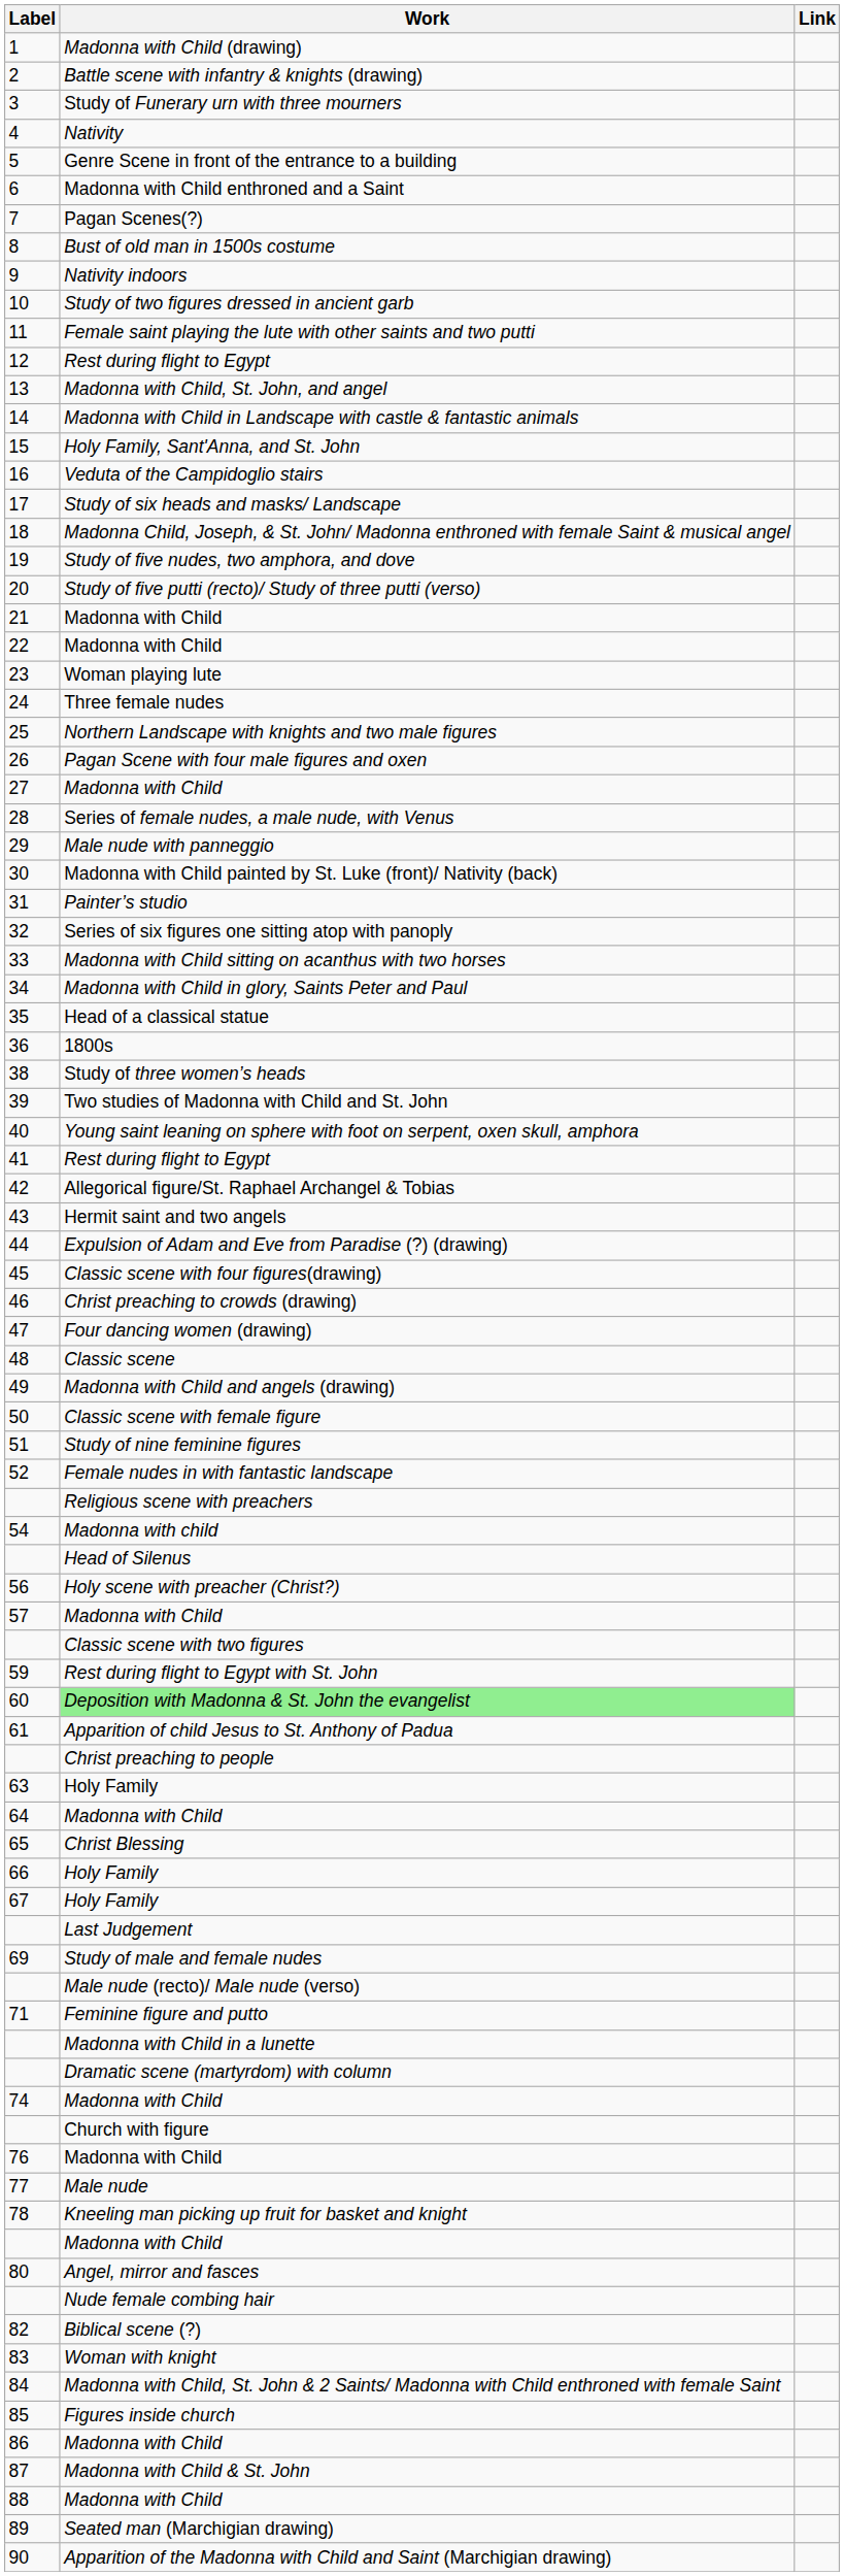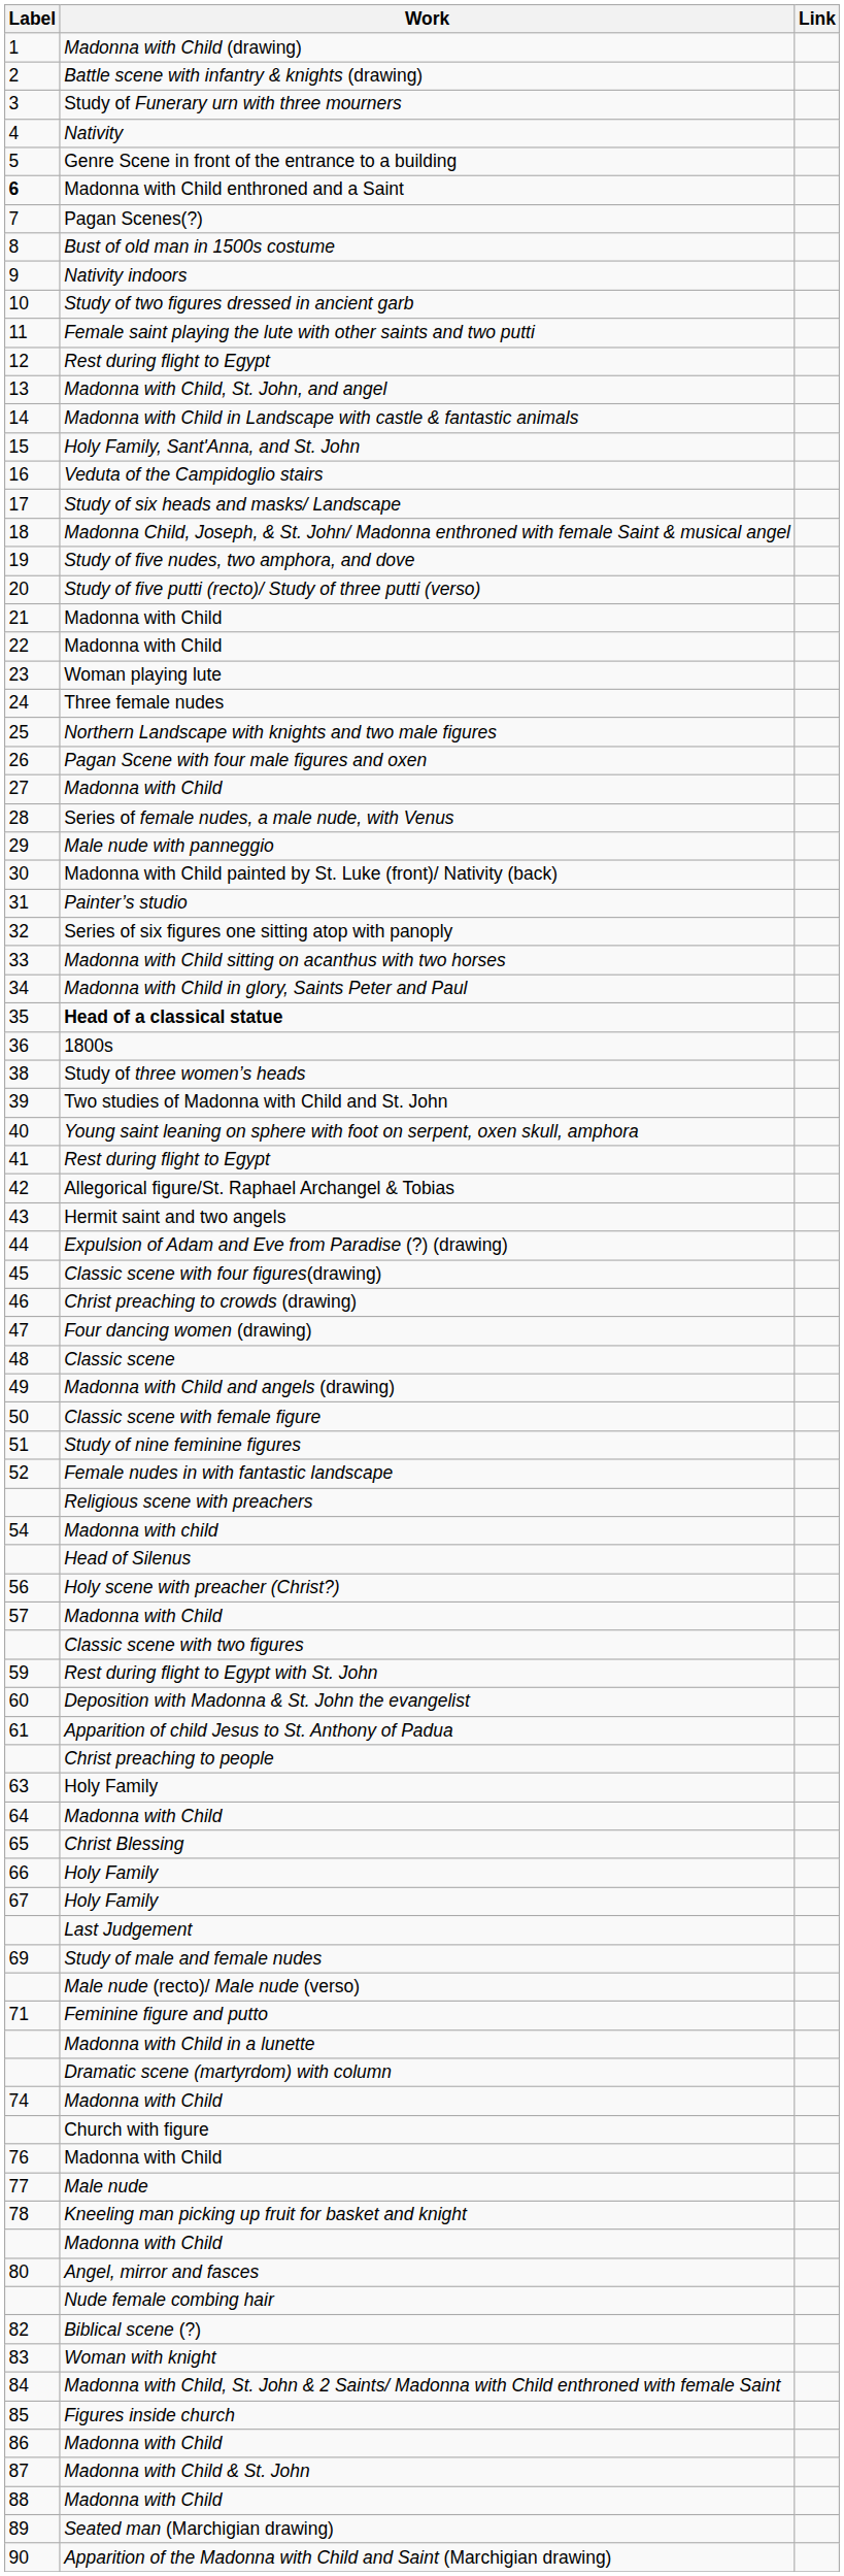 <table class="wikitable sortable">
 <tr>
 <th>Label</th>
 <th>Work</th>
 <th>Link</th>
 </tr>
 <tr>
 <td>1</td>
 <td><em>Madonna with Child</em> (drawing)</td>
 <td></td>
 </tr>
 <tr>
 <td>2</td>
 <td><em>Battle scene with infantry & knights</em> (drawing)</td>
 <td></td>
 </tr>
 <tr>
 <td>3</td>
 <td>Study of <em>Funerary urn with three mourners</em></td>
 <td></td>
 </tr>
 <tr>
 <td>4</td>
 <td><em>Nativity</em></td>
 <td></td>
 </tr>
 <tr>
 <td>5</td>
 <td>Genre Scene in front of the entrance to a building</td>
 <td></td>
 </tr>
 <tr>
-<td>6</td>
+<td><strong>6</strong></td>
 <td>Madonna with Child enthroned and a Saint</td>
 <td></td>
 </tr>
 <tr>
 <td>7</td>
 <td>Pagan Scenes(?)</td>
 <td></td>
 </tr>
 <tr>
 <td>8</td>
 <td><em>Bust of old man in 1500s costume</em></td>
 <td></td>
 </tr>
 <tr>
 <td>9</td>
 <td><em>Nativity indoors</em></td>
 <td></td>
 </tr>
 <tr>
 <td>10</td>
 <td><em>Study of two figures dressed in ancient garb</em></td>
 <td></td>
 </tr>
 <tr>
 <td>11</td>
 <td><em>Female saint playing the lute with other saints and two putti</em></td>
 <td></td>
 </tr>
 <tr>
 <td>12</td>
 <td><em>Rest during flight to Egypt</em></td>
 <td></td>
 </tr>
 <tr>
 <td>13</td>
 <td><em>Madonna with Child, St. John, and angel</em></td>
 <td></td>
 </tr>
 <tr>
 <td>14</td>
 <td><em>Madonna with Child in Landscape with castle & fantastic animals</em></td>
 <td></td>
 </tr>
 <tr>
 <td>15</td>
 <td><em>Holy Family, Sant'Anna, and St. John</em></td>
 <td></td>
 </tr>
 <tr>
 <td>16</td>
 <td><em>Veduta of the Campidoglio stairs</em></td>
 <td></td>
 </tr>
 <tr>
 <td>17</td>
 <td><em>Study of six heads and masks/ Landscape</em></td>
 <td></td>
 </tr>
 <tr>
 <td>18</td>
 <td><em>Madonna Child, Joseph, & St. John/ Madonna enthroned with female Saint & musical angel</em></td>
 <td></td>
 </tr>
 <tr>
 <td>19</td>
 <td><em>Study of five nudes, two amphora, and dove</em></td>
 <td></td>
 </tr>
 <tr>
 <td>20</td>
 <td><em>Study of five putti (recto)/ Study of three putti (verso) </em></td>
 <td></td>
 </tr>
 <tr>
 <td>21</td>
 <td>Madonna with Child</td>
 <td></td>
 </tr>
 <tr>
 <td>22</td>
 <td>Madonna with Child</td>
 <td></td>
 </tr>
 <tr>
 <td>23</td>
 <td>Woman playing lute</td>
 <td></td>
 </tr>
 <tr>
 <td>24</td>
 <td>Three female nudes</td>
 <td></td>
 </tr>
 <tr>
 <td>25</td>
 <td><em>Northern Landscape with knights and two male figures</em></td>
 <td></td>
 </tr>
 <tr>
 <td>26</td>
 <td><em>Pagan Scene with four male figures and oxen</em></td>
 <td></td>
 </tr>
 <tr>
 <td>27</td>
 <td><em>Madonna with Child</em></td>
 <td></td>
 </tr>
 <tr>
 <td>28</td>
 <td>Series of <em>female nudes, a male nude, with Venus</em></td>
 <td></td>
 </tr>
 <tr>
 <td>29</td>
 <td><em>Male nude with panneggio</em></td>
 <td></td>
 </tr>
 <tr>
 <td>30</td>
 <td>Madonna with Child painted by St. Luke (front)/ Nativity (back)</td>
 <td></td>
 </tr>
 <tr>
 <td>31</td>
 <td><em>Painter’s studio</em></td>
 <td></td>
 </tr>
 <tr>
 <td>32</td>
 <td>Series of six figures one sitting atop with panoply</td>
 <td></td>
 </tr>
 <tr>
 <td>33</td>
 <td><em>Madonna with Child sitting on acanthus with two horses</em></td>
 <td></td>
 </tr>
 <tr>
 <td>34</td>
 <td><em>Madonna with Child in glory, Saints Peter and Paul</em></td>
 <td></td>
 </tr>
 <tr>
 <td>35</td>
-<td>Head of a classical statue</td>
+<td><strong>Head of a classical statue</strong></td>
 <td></td>
 </tr>
 <tr>
 <td>36</td>
 <td Annunciation>1800s</td>
 <td></td>
 </tr>
 <tr>
 <td>38</td>
 <td>Study of <em>three women’s heads</em></td>
 <td></td>
 </tr>
 <tr>
 <td>39</td>
 <td>Two studies of Madonna with Child and St. John</td>
 <td></td>
 </tr>
 <tr>
 <td>40</td>
 <td><em>Young saint leaning on sphere with foot on serpent, oxen skull, amphora</em></td>
 <td></td>
 </tr>
 <tr>
 <td>41</td>
 <td><em>Rest during flight to Egypt</em></td>
 <td></td>
 </tr>
 <tr>
 <td>42</td>
 <td>Allegorical figure/St. Raphael Archangel & Tobias</td>
 <td></td>
 </tr>
 <tr>
 <td>43</td>
 <td>Hermit saint and two angels</td>
 <td></td>
 </tr>
 <tr>
 <td>44</td>
 <td><em>Expulsion of Adam and Eve from Paradise</em> (?) (drawing)</td>
 <td></td>
 </tr>
 <tr>
 <td>45</td>
 <td><em>Classic scene with four figures</em>(drawing)</td>
 <td></td>
 </tr>
 <tr>
 <td>46</td>
 <td><em>Christ preaching to crowds</em> (drawing)</td>
 <td></td>
 </tr>
 <tr>
 <td>47</td>
 <td><em>Four dancing women</em> (drawing)</td>
 <td></td>
 </tr>
 <tr>
 <td>48</td>
 <td><em>Classic scene</em></td>
 <td></td>
 </tr>
 <tr>
 <td>49</td>
 <td><em>Madonna with Child and angels</em> (drawing)</td>
 <td></td>
 </tr>
 <tr>
 <td>50</td>
 <td><em>Classic scene with female figure</em></td>
 <td></td>
 </tr>
 <tr>
 <td>51</td>
 <td><em>Study of nine feminine figures</em></td>
 <td></td>
 </tr>
 <tr>
 <td>52</td>
 <td><em>Female nudes in with fantastic landscape</em></td>
 <td></td>
 </tr>
 <tr>
 <td></td>
 <td><em>Religious scene with preachers</em></td>
 <td></td>
 </tr>
 <tr>
 <td>54</td>
 <td><em>Madonna with child</em></td>
 <td></td>
 </tr>
 <tr>
 <td></td>
 <td><em>Head of Silenus</em></td>
 <td></td>
 </tr>
 <tr>
 <td>56</td>
 <td><em>Holy scene with preacher (Christ?)</em></td>
 <td></td>
 </tr>
 <tr>
 <td>57</td>
 <td><em>Madonna with Child</em></td>
 <td></td>
 </tr>
 <tr>
 <td></td>
 <td><em>Classic scene with two figures</em></td>
 <td></td>
 </tr>
 <tr>
 <td>59</td>
 <td><em>Rest during flight to Egypt with St. John</em></td>
 <td></td>
 </tr>
 <tr>
 <td>60</td>
-<td style="background: lightgreen;"><em>Deposition with Madonna & St. John the evangelist</em></td>
+<td><em>Deposition with Madonna & St. John the evangelist</em></td>
 <td></td>
 </tr>
 <tr>
 <td>61</td>
 <td><em>Apparition of child Jesus to St. Anthony of Padua</em></td>
 <td></td>
 </tr>
 <tr>
 <td></td>
 <td><em>Christ preaching to people</em></td>
 <td></td>
 </tr>
 <tr>
 <td>63</td>
 <td>Holy Family</td>
 <td></td>
 </tr>
 <tr>
 <td>64</td>
 <td><em>Madonna with Child</em></td>
 <td></td>
 </tr>
 <tr>
 <td>65</td>
 <td><em>Christ Blessing</em></td>
 <td></td>
 </tr>
 <tr>
 <td>66</td>
 <td><em>Holy Family</em></td>
 <td></td>
 </tr>
 <tr>
 <td>67</td>
 <td><em>Holy Family</em></td>
 <td></td>
 </tr>
 <tr>
 <td></td>
 <td><em>Last Judgement</em></td>
 <td></td>
 </tr>
 <tr>
 <td>69</td>
 <td><em>Study of male and female nudes</em></td>
 <td></td>
 </tr>
 <tr>
 <td></td>
 <td><em>Male nude</em> (recto)/ <em>Male nude</em> (verso)</td>
 <td></td>
 </tr>
 <tr>
 <td>71</td>
 <td><em>Feminine figure and putto</em></td>
 <td></td>
 </tr>
 <tr>
 <td></td>
 <td><em>Madonna with Child in a lunette</em></td>
 <td></td>
 </tr>
 <tr>
 <td></td>
 <td><em>Dramatic scene (martyrdom) with column</em></td>
 <td></td>
 </tr>
 <tr>
 <td>74</td>
 <td><em>Madonna with Child</em></td>
 <td></td>
 </tr>
 <tr>
 <td></td>
 <td>Church with figure</td>
 <td></td>
 </tr>
 <tr>
 <td>76</td>
 <td>Madonna with Child</td>
 <td></td>
 </tr>
 <tr>
 <td>77</td>
 <td><em>Male nude </em></td>
 <td></td>
 </tr>
 <tr>
 <td>78</td>
 <td><em>Kneeling man picking up fruit for basket and knight</em></td>
 <td></td>
 </tr>
 <tr>
 <td></td>
 <td><em>Madonna with Child</em></td>
 <td></td>
 </tr>
 <tr>
 <td>80</td>
 <td><em>Angel, mirror and fasces</em></td>
 <td></td>
 </tr>
 <tr>
 <td></td>
 <td><em>Nude female combing hair</em></td>
 <td></td>
 </tr>
 <tr>
 <td>82</td>
 <td><em>Biblical scene</em> (?)</td>
 <td></td>
 </tr>
 <tr>
 <td>83</td>
 <td><em>Woman with knight</em></td>
 <td></td>
 </tr>
 <tr>
 <td>84</td>
 <td><em>Madonna with Child, St. John & 2 Saints/ Madonna with Child enthroned with female Saint</em></td>
 <td></td>
 </tr>
 <tr>
 <td>85</td>
 <td><em>Figures inside church</em></td>
 <td></td>
 </tr>
 <tr>
 <td>86</td>
 <td><em>Madonna with Child</em></td>
 <td></td>
 </tr>
 <tr>
 <td>87</td>
 <td><em>Madonna with Child & St. John</em></td>
 <td></td>
 </tr>
 <tr>
 <td>88</td>
 <td><em>Madonna with Child</em></td>
 <td></td>
 </tr>
 <tr>
 <td>89</td>
 <td><em>Seated man</em> (Marchigian drawing)</td>
 <td></td>
 </tr>
 <tr>
 <td>90</td>
 <td><em>Apparition of the Madonna with Child and Saint</em> (Marchigian drawing)</td>
 <td></td>
 </tr>
 <tr>
 </tr>
 </table>
